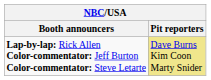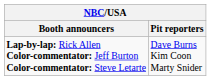 <table class="wikitable" style="font-size: 95%">
 <tr>
 <th colspan="2"><a href='#'>NBC</a>/USA</th>
 </tr>
 <tr>
 <th>Booth announcers</th>
 <th>Pit reporters</th>
 </tr>
 <tr>
 <td><strong>Lap-by-lap:</strong> <a href='#'>Rick Allen</a><br><strong>Color-commentator:</strong> <a href='#'>Jeff Burton</a><br><strong>Color-commentator:</strong> <a href='#'>Steve Letarte</a></td>
-<td style="background: khaki;"><a href='#'>Dave Burns</a><br>Kim Coon<br>Marty Snider</td>
+<td><a href='#'>Dave Burns</a><br>Kim Coon<br>Marty Snider</td>
 </tr>
 </table>
